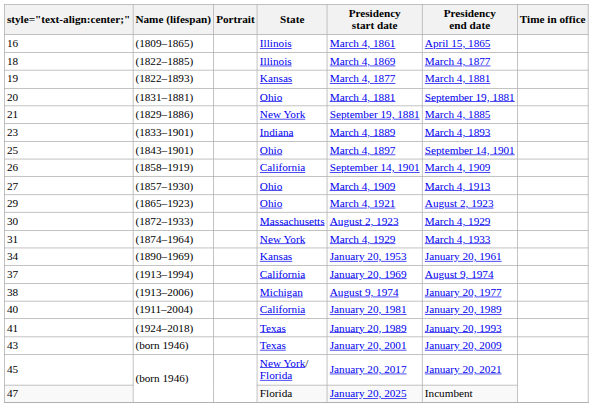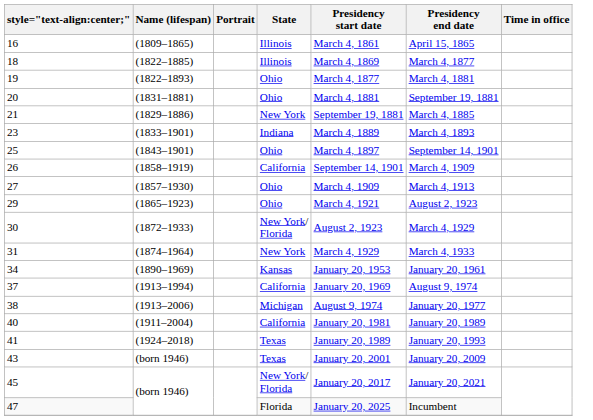 <table class="sortable wikitable">
 <tr>
 <th>style="text-align:center;" </th>
 <th style="text-align:center;">Name (lifespan)</th>
 <th style="text-align:center;">Portrait</th>
 <th style="text-align:center;">State</th>
 <th style="text-align:center;">Presidency<br>start date</th>
 <th style="text-align:center;">Presidency<br>end date</th>
 <th style="text-align:center;">Time in office</th>
 </tr>
 <tr style="text-align:left; background:#fff;">
 <td>16</td>
 <td> (1809–1865)</td>
 <td></td>
 <td><a href='#'>Illinois</a></td>
 <td><a href='#'>March 4, 1861</a></td>
 <td><a href='#'>April 15, 1865</a></td>
 <td></td>
 </tr>
 <tr style="text-align:left; background:#fff;">
 <td>18</td>
 <td> (1822–1885)</td>
 <td></td>
 <td><a href='#'>Illinois</a></td>
 <td><a href='#'>March 4, 1869</a></td>
 <td><a href='#'>March 4, 1877</a></td>
 <td></td>
 </tr>
 <tr style="text-align:left; background:#fff;">
 <td>19</td>
 <td> (1822–1893)</td>
 <td></td>
-<td><a href='#'>Kansas</a></td>
+<td><a href='#'>Ohio</a></td>
 <td><a href='#'>March 4, 1877</a></td>
 <td><a href='#'>March 4, 1881</a></td>
 <td></td>
 </tr>
 <tr style="text-align:left; background:#fff;">
 <td>20</td>
 <td> (1831–1881)</td>
 <td></td>
 <td><a href='#'>Ohio</a></td>
 <td><a href='#'>March 4, 1881</a></td>
 <td><a href='#'>September 19, 1881</a></td>
 <td></td>
 </tr>
 <tr style="text-align:left; background:#fff;">
 <td>21</td>
 <td> (1829–1886)</td>
 <td></td>
 <td><a href='#'>New York</a></td>
 <td><a href='#'>September 19, 1881</a></td>
 <td><a href='#'>March 4, 1885</a></td>
 <td></td>
 </tr>
 <tr style="text-align:left; background:#fff;">
 <td>23</td>
 <td> (1833–1901)</td>
 <td></td>
 <td><a href='#'>Indiana</a></td>
 <td><a href='#'>March 4, 1889</a></td>
 <td><a href='#'>March 4, 1893</a></td>
 <td></td>
 </tr>
 <tr style="text-align:left; background:#fff;">
 <td>25</td>
 <td> (1843–1901)</td>
 <td></td>
 <td><a href='#'>Ohio</a></td>
 <td><a href='#'>March 4, 1897</a></td>
 <td><a href='#'>September 14, 1901</a></td>
 <td></td>
 </tr>
 <tr style="text-align:left; background:#fff;">
 <td>26</td>
 <td> (1858–1919)</td>
 <td></td>
 <td><a href='#'>California</a></td>
 <td><a href='#'>September 14, 1901</a></td>
 <td><a href='#'>March 4, 1909</a></td>
 <td></td>
 </tr>
 <tr style="text-align:left; background:#fff;">
 <td>27</td>
 <td> (1857–1930)</td>
 <td></td>
 <td><a href='#'>Ohio</a></td>
 <td><a href='#'>March 4, 1909</a></td>
 <td><a href='#'>March 4, 1913</a></td>
 <td></td>
 </tr>
 <tr style="text-align:left; background:#fff;">
 <td>29</td>
 <td> (1865–1923)</td>
 <td></td>
 <td><a href='#'>Ohio</a></td>
 <td><a href='#'>March 4, 1921</a></td>
 <td><a href='#'>August 2, 1923</a></td>
 <td></td>
 </tr>
 <tr style="text-align:left; background:#fff;">
 <td>30</td>
 <td> (1872–1933)</td>
 <td></td>
-<td><a href='#'>Massachusetts</a></td>
+<td><a href='#'>New York</a>/<br><a href='#'>Florida</a></td>
 <td><a href='#'>August 2, 1923</a></td>
 <td><a href='#'>March 4, 1929</a></td>
 <td></td>
 </tr>
 <tr style="text-align:left; background:#fff;">
 <td>31</td>
 <td> (1874–1964)</td>
 <td></td>
 <td><a href='#'>New York</a></td>
 <td><a href='#'>March 4, 1929</a></td>
 <td><a href='#'>March 4, 1933</a></td>
 <td></td>
 </tr>
 <tr style="text-align:left; background:#fff;">
 <td>34</td>
 <td> (1890–1969)</td>
 <td></td>
 <td><a href='#'>Kansas</a></td>
 <td><a href='#'>January 20, 1953</a></td>
 <td><a href='#'>January 20, 1961</a></td>
 <td></td>
 </tr>
 <tr style="text-align:left; background:#fff;">
 <td>37</td>
 <td> (1913–1994)</td>
 <td></td>
 <td><a href='#'>California</a></td>
 <td><a href='#'>January 20, 1969</a></td>
 <td><a href='#'>August 9, 1974</a></td>
 <td></td>
 </tr>
 <tr style="text-align:left; background:#fff;">
 <td>38</td>
 <td> (1913–2006)</td>
 <td></td>
 <td><a href='#'>Michigan</a></td>
 <td><a href='#'>August 9, 1974</a></td>
 <td><a href='#'>January 20, 1977</a></td>
 <td></td>
 </tr>
 <tr style="text-align:left; background:#fff;">
 <td>40</td>
 <td> (1911–2004)</td>
 <td></td>
 <td><a href='#'>California</a></td>
 <td><a href='#'>January 20, 1981</a></td>
 <td><a href='#'>January 20, 1989</a></td>
 <td></td>
 </tr>
 <tr style="text-align:left; background:#fff;">
 <td>41</td>
 <td> (1924–2018)</td>
 <td></td>
 <td><a href='#'>Texas</a></td>
 <td><a href='#'>January 20, 1989</a></td>
 <td><a href='#'>January 20, 1993</a></td>
 <td></td>
 </tr>
 <tr style="text-align:left; background:#fff;">
 <td>43</td>
 <td> (born 1946)</td>
 <td></td>
 <td><a href='#'>Texas</a></td>
 <td><a href='#'>January 20, 2001</a></td>
 <td><a href='#'>January 20, 2009</a></td>
 <td></td>
 </tr>
 <tr style="text-align:left; background:#fff;">
 <td>45</td>
 <td rowspan=2> (born 1946)</td>
 <td rowspan=2></td>
 <td><a href='#'>New York</a>/<br><a href='#'>Florida</a></td>
 <td><a href='#'>January 20, 2017</a></td>
 <td><a href='#'>January 20, 2021</a></td>
 <td rowspan=2></td>
 </tr>
 <tr>
 <td>47</td>
 <td>Florida</td>
 <td><a href='#'>January 20, 2025</a></td>
 <td>Incumbent</td>
 </tr>
 <tr>
 </tr>
 </table>
